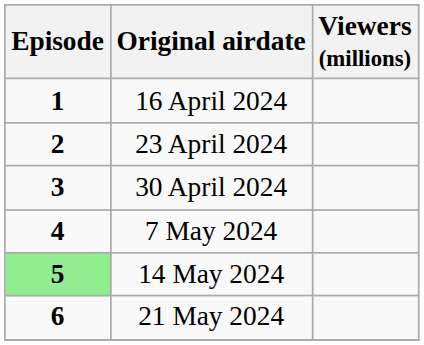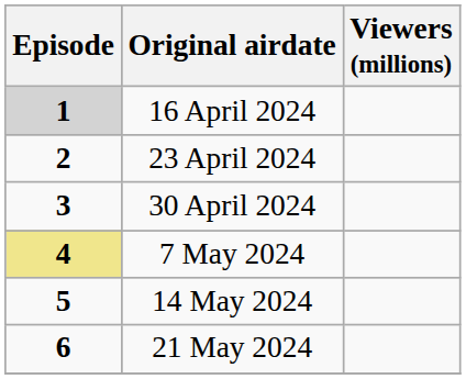 <table class="wikitable" style="text-align:center;">
 <tr>
 <th>Episode</th>
 <th>Original airdate</th>
 <th>Viewers<br><small>(millions)</small></th>
 </tr>
 <tr>
-<td><strong>1</strong></td>
+<td style="background: lightgrey;"><strong>1</strong></td>
 <td>16 April 2024</td>
 <td></td>
 </tr>
 <tr>
 <td><strong>2</strong></td>
 <td>23 April 2024</td>
 <td></td>
 </tr>
 <tr>
 <td><strong>3</strong></td>
 <td>30 April 2024</td>
 <td></td>
 </tr>
 <tr>
-<td><strong>4</strong></td>
+<td style="background: khaki;"><strong>4</strong></td>
 <td>7 May 2024</td>
 <td></td>
 </tr>
 <tr>
-<td style="background: lightgreen;"><strong>5</strong></td>
+<td><strong>5</strong></td>
 <td>14 May 2024</td>
 <td></td>
 </tr>
 <tr>
 <td><strong>6</strong></td>
 <td>21 May 2024</td>
 <td></td>
 </tr>
 <tr>
 </tr>
 </table>
